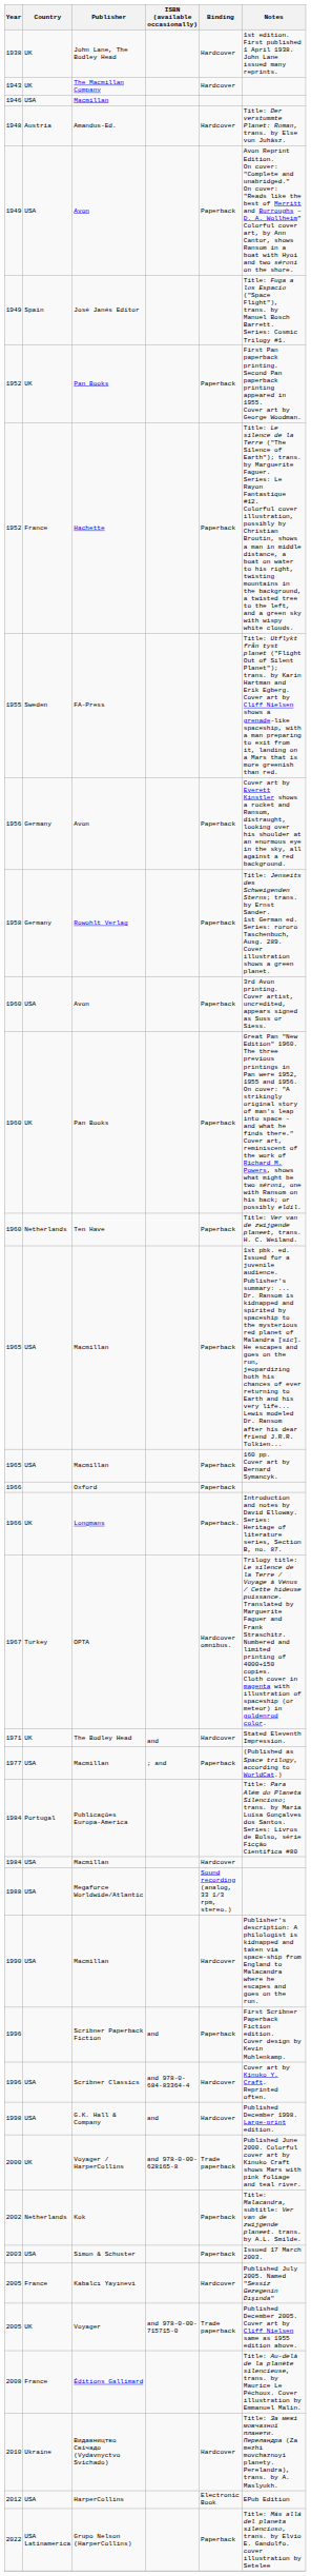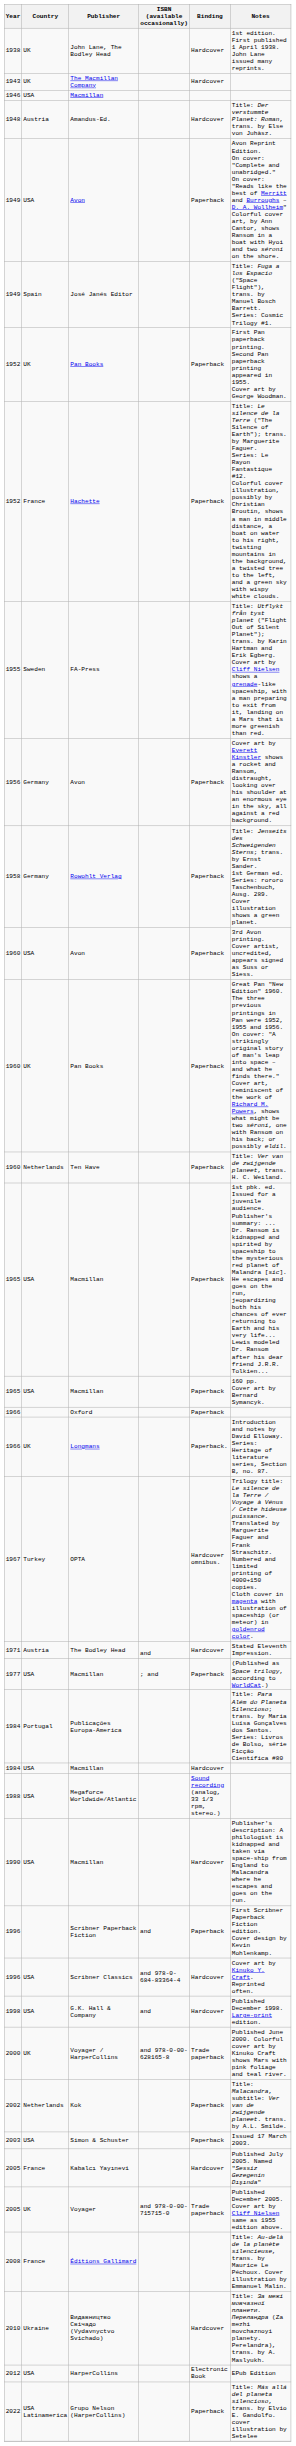 <table class="wikitable">
 <tr>
 <th>Year</th>
 <th>Country</th>
 <th>Publisher</th>
 <th>ISBN (available occasionally)</th>
 <th>Binding</th>
 <th>Notes</th>
 </tr>
 <tr>
 <td>1938</td>
 <td>UK</td>
 <td>John Lane, The Bodley Head</td>
 <td></td>
 <td>Hardcover</td>
 <td>1st edition.<br>First published 1 April 1938. John Lane issued many reprints.</td>
 </tr>
 <tr>
 <td>1943</td>
 <td>UK</td>
 <td><a href='#'>The Macmillan Company</a></td>
 <td></td>
 <td>Hardcover</td>
 <td></td>
 </tr>
 <tr>
 <td>1946</td>
 <td>USA</td>
 <td><a href='#'>Macmillan</a></td>
 <td></td>
 <td></td>
 <td></td>
 </tr>
 <tr>
 <td>1948</td>
 <td>Austria</td>
 <td>Amandus-Ed.</td>
 <td></td>
 <td>Hardcover</td>
 <td>Title: <em>Der verstummte Planet: Roman</em>, trans. by Else von Juhàsz.</td>
 </tr>
 <tr>
 <td>1949</td>
 <td>USA</td>
 <td><a href='#'>Avon</a></td>
 <td></td>
 <td>Paperback</td>
 <td>Avon Reprint Edition.<br>On cover: "Complete and unabridged."<br>On cover: "Reads like the best of <a href='#'>Merritt</a> and <a href='#'>Burroughs</a> – <a href='#'>D. A. Wollheim</a>"<br>Colorful cover art, by Ann Cantor, shows Ransom in a boat with Hyoi and two <em>séroni</em> on the shore.</td>
 </tr>
 <tr>
 <td>1949</td>
 <td>Spain</td>
 <td>José Janés Editor</td>
 <td></td>
 <td></td>
 <td>Title: <em>Fuga a los Espacio</em> ("Space Flight"), trans. by Manuel Bosch Barrett.<br>Series: Cosmic Trilogy #1.</td>
 </tr>
 <tr>
 <td>1952</td>
 <td>UK</td>
 <td><a href='#'>Pan Books</a></td>
 <td></td>
 <td>Paperback</td>
 <td>First Pan paperback printing. Second Pan paperback printing appeared in 1955.<br>Cover art by George Woodman.</td>
 </tr>
 <tr>
 <td>1952</td>
 <td>France</td>
 <td><a href='#'>Hachette</a></td>
 <td></td>
 <td>Paperback</td>
 <td>Title: <em>Le silence de la Terre</em> ("The Silence of Earth"); trans. by Marguerite Faguer.<br>Series: Le Rayon Fantastique #12.<br>Colorful cover illustration, possibly by Christian Broutin, shows a man in middle distance, a boat on water to his right, twisting mountains in the background, a twisted tree to the left, and a green sky with wispy white clouds.</td>
 </tr>
 <tr>
 <td>1955</td>
 <td>Sweden</td>
 <td>FA-Press</td>
 <td></td>
 <td></td>
 <td>Title: <em>Utflykt från tyst planet</em> ("Flight Out of Silent Planet"); trans. by Karin Hartman and Erik Egberg.<br>Cover art by <a href='#'>Cliff Nielsen</a> shows a <a href='#'>grenade</a>-like spaceship, with a man preparing to exit from it, landing on a Mars that is more greenish than red.</td>
 </tr>
 <tr>
 <td>1956</td>
 <td>Germany</td>
 <td>Avon</td>
 <td></td>
 <td>Paperback</td>
 <td>Cover art by <a href='#'>Everett Kinstler</a> shows a rocket and Ransom, distraught, looking over his shoulder at an enormous eye in the sky, all against a red background.</td>
 </tr>
 <tr>
 <td>1958</td>
 <td>Germany</td>
 <td><a href='#'>Rowohlt Verlag</a></td>
 <td></td>
 <td>Paperback</td>
 <td>Title: <em>Jenseits des Schweigenden Sterns</em>; trans. by Ernst Sander.<br>1st German ed.<br>Series: rororo Taschenbuch, Ausg. 289.<br>Cover illustration shows a green planet.</td>
 </tr>
 <tr>
 <td>1960</td>
 <td>USA</td>
 <td>Avon</td>
 <td></td>
 <td>Paperback</td>
 <td>3rd Avon printing.<br>Cover artist, uncredited, appears signed as Suss or Siess.</td>
 </tr>
 <tr>
 <td>1960</td>
 <td>UK</td>
 <td>Pan Books</td>
 <td></td>
 <td>Paperback</td>
 <td>Great Pan "New Edition" 1960. The three previous printings in Pan were 1952, 1955 and 1956.<br>On cover: "A strikingly original story of man's leap into space – and what he finds there."<br>Cover art, reminiscent of the work of <a href='#'>Richard M. Powers</a>, shows what might be two <em>séroni</em>, one with Ransom on his back; or possibly <em>eldil</em>.</td>
 </tr>
 <tr>
 <td>1960</td>
 <td>Netherlands</td>
 <td>Ten Have</td>
 <td></td>
 <td>Paperback</td>
 <td>Title: <em>Ver van de zwijgende planeet</em>, trans. H. C. Weiland.</td>
 </tr>
 <tr>
 <td>1965</td>
 <td>USA</td>
 <td>Macmillan</td>
 <td></td>
 <td>Paperback</td>
 <td>1st pbk. ed.<br>Issued for a juvenile audience. Publisher's summary: ... Dr. Ransom is kidnapped and spirited by spaceship to the mysterious red planet of Malandra [<em>sic</em>]. He escapes and goes on the run, jeopardizing both his chances of ever returning to Earth and his very life... Lewis modeled Dr. Ransom after his dear friend J.R.R. Tolkien...</td>
 </tr>
 <tr>
 <td>1965</td>
 <td>USA</td>
 <td>Macmillan</td>
 <td></td>
 <td>Paperback</td>
 <td>160 pp.<br>Cover art by Bernard Symancyk.</td>
 </tr>
 <tr>
 <td>1966</td>
 <td></td>
 <td>Oxford</td>
 <td></td>
 <td>Paperback</td>
 <td></td>
 </tr>
 <tr>
 <td>1966</td>
 <td>UK</td>
 <td><a href='#'>Longmans</a></td>
 <td></td>
 <td>Paperback.</td>
 <td>Introduction and notes by David Elloway.<br>Series: Heritage of literature series, Section B, no. 87.</td>
 </tr>
 <tr>
 <td>1967</td>
 <td>Turkey</td>
 <td>OPTA</td>
 <td></td>
 <td>Hardcover omnibus.</td>
 <td>Trilogy title: <em>Le silence de la Terre / Voyage à Vénus / Cette hideuse puissance.</em> Translated by Marguerite Faguer and Frank Straschitz.<br>Numbered and limited printing of 4000+150 copies.<br>Cloth cover in <a href='#'>magenta</a> with illustration of spaceship (or meteor) in <a href='#'>goldenrod color</a>.</td>
 </tr>
 <tr>
 <td>1971</td>
-<td>UK</td>
+<td>Austria</td>
 <td>The Bodley Head</td>
 <td><br>and </td>
 <td>Hardcover</td>
 <td>Stated Eleventh Impression.</td>
 </tr>
 <tr>
 <td>1977</td>
 <td>USA</td>
 <td>Macmillan</td>
 <td> ; and </td>
 <td>Paperback</td>
 <td>(Published as <em>Space trilogy</em>, according to <a href='#'>WorldCat</a>.)</td>
 </tr>
 <tr>
 <td>1984</td>
 <td>Portugal</td>
 <td>Publicações Europa-America</td>
 <td></td>
 <td></td>
 <td>Title: <em>Para Além do Planeta Silencioso</em>; trans. by Maria Luísa Gonçalves dos Santos.<br>Series: Livros de Bolso, série Ficção Científica #80</td>
 </tr>
 <tr>
 <td>1984</td>
 <td>USA</td>
 <td>Macmillan</td>
 <td></td>
 <td>Hardcover</td>
 <td></td>
 </tr>
 <tr>
 <td>1988</td>
 <td>USA</td>
 <td>Megaforce Worldwide/Atlantic</td>
 <td></td>
 <td><a href='#'>Sound recording</a> (analog, 33 1/3 rpm, stereo.)</td>
 <td></td>
 </tr>
 <tr>
 <td>1990</td>
 <td>USA</td>
 <td>Macmillan</td>
 <td></td>
 <td>Hardcover</td>
 <td>Publisher's description: A philologist is kidnapped and taken via space-ship from England to Malacandra where he escapes and goes on the run.</td>
 </tr>
 <tr>
 <td>1996</td>
 <td></td>
 <td>Scribner Paperback Fiction</td>
 <td> and </td>
 <td>Paperback</td>
 <td>First Scribner Paperback Fiction edition.<br>Cover design by Kevin Mohlenkamp.</td>
 </tr>
 <tr>
 <td>1996</td>
 <td>USA</td>
 <td>Scribner Classics</td>
 <td> and 978-0-684-83364-4</td>
 <td>Hardcover</td>
 <td>Cover art by <a href='#'>Kinuko Y. Craft</a>. Reprinted often.</td>
 </tr>
 <tr>
 <td>1998</td>
 <td>USA</td>
 <td>G.K. Hall & Company</td>
 <td> and </td>
 <td>Hardcover</td>
 <td>Published December 1998. <a href='#'>Large-print</a> edition.</td>
 </tr>
 <tr>
 <td>2000</td>
 <td>UK</td>
 <td>Voyager / HarperCollins</td>
 <td> and 978-0-00-628165-8</td>
 <td>Trade paperback</td>
 <td>Published June 2000. Colorful cover art by Kinuko Craft shows Mars with pink foliage and teal river.</td>
 </tr>
 <tr>
 <td>2002</td>
 <td>Netherlands</td>
 <td>Kok</td>
 <td></td>
 <td>Paperback</td>
 <td>Title: <em>Malacandra</em>, subtitle: <em>Ver van de zwijgende planeet</em>. trans. by A.L. Smilde.</td>
 </tr>
 <tr>
 <td>2003</td>
 <td>USA</td>
 <td>Simon & Schuster</td>
 <td></td>
 <td>Paperback</td>
 <td>Issued 17 March 2003.</td>
 </tr>
 <tr>
 <td>2005</td>
 <td>France</td>
 <td>Kabalcı Yayınevi</td>
 <td></td>
 <td>Hardcover</td>
 <td>Published July 2005. Named "<em>Sessiz Gezegenin Dışında</em>"</td>
 </tr>
 <tr>
 <td>2005</td>
 <td>UK</td>
 <td>Voyager</td>
 <td> and 978-0-00-715715-0</td>
 <td>Trade paperback</td>
 <td>Published December 2005.<br>Cover art by <a href='#'>Cliff Nielsen</a> same as 1955 edition above.</td>
 </tr>
 <tr>
 <td>2008</td>
 <td>France</td>
 <td><a href='#'>Éditions Gallimard</a></td>
 <td></td>
 <td></td>
 <td>Title: <em>Au-delà de la planète silencieuse</em>, trans. by Maurice Le Péchoux. Cover illustration by Emmanuel Malin.</td>
 </tr>
 <tr>
 <td>2010</td>
 <td>Ukraine</td>
 <td>Видавництво Свічадо (Vydavnyctvo Svichado)</td>
 <td></td>
 <td>Hardcover</td>
 <td>Title: <em>За межі мовчазної планети. Переландра</em> (Za mezhi movchaznoyi planety. Perelandra), trans. by A. Maslyukh.</td>
 </tr>
 <tr>
 <td>2012</td>
 <td>USA</td>
 <td>HarperCollins</td>
 <td></td>
 <td>Electronic Book</td>
 <td>EPub Edition</td>
 </tr>
 <tr>
 <td>2022</td>
 <td>USA Latinamerica</td>
 <td>Grupo Nelson (HarperCollins)</td>
 <td></td>
 <td>Paperback</td>
 <td>Title: <em>Más allá del planeta silencioso</em>, trans. by Elvio E. Gandolfo. cover illustration by Setelee</td>
 </tr>
 <tr>
 </tr>
 </table>
